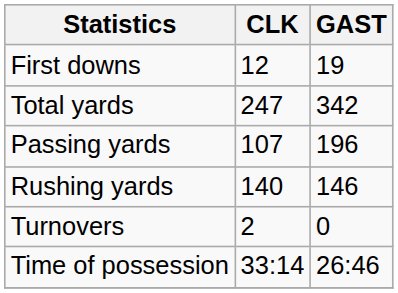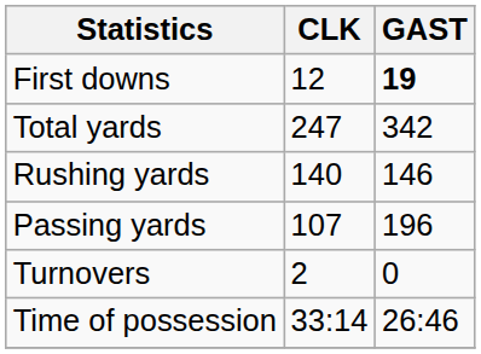 <table class="wikitable">
 <tr>
 <th>Statistics</th>
 <th>CLK</th>
 <th>GAST</th>
 </tr>
 <tr>
 <td>First downs</td>
 <td>12</td>
-<td>19</td>
+<td><strong>19</strong></td>
 </tr>
 <tr>
 <td>Total yards</td>
 <td>247</td>
 <td>342</td>
 </tr>
 <tr>
+<td>Rushing yards</td>
+<td>140</td>
+<td>146</td>
+</tr>
+<tr>
 <td>Passing yards</td>
 <td>107</td>
 <td>196</td>
-</tr>
-<tr>
-<td>Rushing yards</td>
-<td>140</td>
-<td>146</td>
 </tr>
 <tr>
 <td>Turnovers</td>
 <td>2</td>
 <td>0</td>
 </tr>
 <tr>
 <td>Time of possession</td>
 <td>33:14</td>
 <td>26:46</td>
 </tr>
 <tr>
 </tr>
 </table>
